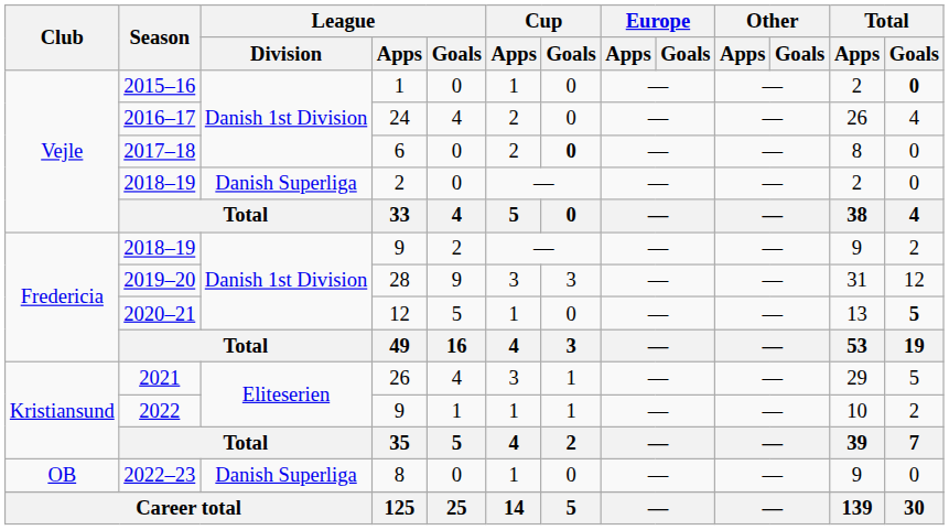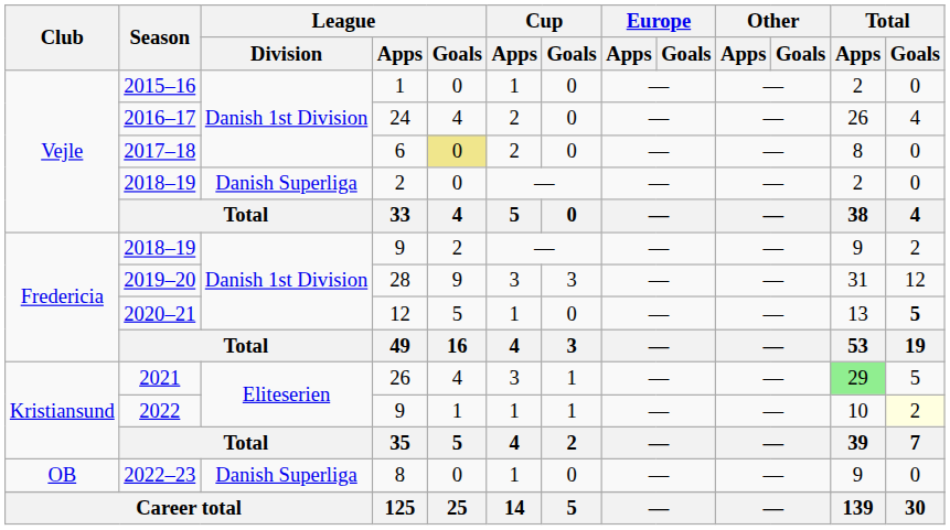 <table class="wikitable" style="text-align:center">
 <tr>
 <th rowspan="2">Club</th>
 <th rowspan="2">Season</th>
 <th colspan="3">League</th>
 <th colspan="2">Cup</th>
 <th colspan="2"><a href='#'>Europe</a></th>
 <th colspan="2">Other</th>
 <th colspan="2">Total</th>
 </tr>
 <tr>
 <th>Division</th>
 <th>Apps</th>
 <th>Goals</th>
 <th>Apps</th>
 <th>Goals</th>
 <th>Apps</th>
 <th>Goals</th>
 <th>Apps</th>
 <th>Goals</th>
 <th>Apps</th>
 <th>Goals</th>
 </tr>
 <tr>
 <td rowspan="5" valign="center"><a href='#'>Vejle</a></td>
 <td><a href='#'>2015–16</a></td>
 <td rowspan="3"><a href='#'>Danish 1st Division</a></td>
 <td>1</td>
 <td>0</td>
 <td>1</td>
 <td>0</td>
 <td colspan="2">—</td>
 <td colspan="2">—</td>
 <td>2</td>
-<td><strong>0</strong></td>
+<td>0</td>
 </tr>
 <tr>
 <td><a href='#'>2016–17</a></td>
 <td>24</td>
 <td>4</td>
 <td>2</td>
 <td>0</td>
 <td colspan="2">—</td>
 <td colspan="2">—</td>
 <td>26</td>
 <td>4</td>
 </tr>
 <tr>
 <td><a href='#'>2017–18</a></td>
 <td>6</td>
+<td style="background: khaki;">0</td>
+<td>2</td>
 <td>0</td>
-<td>2</td>
-<td><strong>0</strong></td>
 <td colspan="2">—</td>
 <td colspan="2">—</td>
 <td>8</td>
 <td>0</td>
 </tr>
 <tr>
 <td><a href='#'>2018–19</a></td>
 <td rowspan="1"><a href='#'>Danish Superliga</a></td>
 <td>2</td>
 <td>0</td>
 <td colspan="2">—</td>
 <td colspan="2">—</td>
 <td colspan="2">—</td>
 <td>2</td>
 <td>0</td>
 </tr>
 <tr>
 <th colspan="2" valign="center">Total</th>
 <th>33</th>
 <th>4</th>
 <th>5</th>
 <th>0</th>
 <th colspan="2">—</th>
 <th colspan="2">—</th>
 <th>38</th>
 <th>4</th>
 </tr>
 <tr>
 <td rowspan="4" valign="center"><a href='#'>Fredericia</a></td>
 <td><a href='#'>2018–19</a></td>
 <td rowspan="3"><a href='#'>Danish 1st Division</a></td>
 <td>9</td>
 <td>2</td>
 <td colspan="2">—</td>
 <td colspan="2">—</td>
 <td colspan="2">—</td>
 <td>9</td>
 <td>2</td>
 </tr>
 <tr>
 <td><a href='#'>2019–20</a></td>
 <td>28</td>
 <td>9</td>
 <td>3</td>
 <td>3</td>
 <td colspan="2">—</td>
 <td colspan="2">—</td>
 <td>31</td>
 <td>12</td>
 </tr>
 <tr>
 <td><a href='#'>2020–21</a></td>
 <td>12</td>
 <td>5</td>
 <td>1</td>
 <td>0</td>
 <td colspan="2">—</td>
 <td colspan="2">—</td>
 <td>13</td>
 <td><strong>5</strong></td>
 </tr>
 <tr>
 <th colspan="2" valign="center">Total</th>
 <th>49</th>
 <th>16</th>
 <th>4</th>
 <th>3</th>
 <th colspan="2">—</th>
 <th colspan="2">—</th>
 <th>53</th>
 <th>19</th>
 </tr>
 <tr>
 <td rowspan="3" valign="center"><a href='#'>Kristiansund</a></td>
 <td><a href='#'>2021</a></td>
 <td rowspan="2"><a href='#'>Eliteserien</a></td>
 <td>26</td>
 <td>4</td>
 <td>3</td>
 <td>1</td>
 <td colspan="2">—</td>
 <td colspan="2">—</td>
-<td>29</td>
+<td style="background: lightgreen;">29</td>
 <td>5</td>
 </tr>
 <tr>
 <td><a href='#'>2022</a></td>
 <td>9</td>
 <td>1</td>
 <td>1</td>
 <td>1</td>
 <td colspan="2">—</td>
 <td colspan="2">—</td>
 <td>10</td>
-<td>2</td>
+<td style="background: lightyellow;">2</td>
 </tr>
 <tr>
 <th colspan="2" valign="center">Total</th>
 <th>35</th>
 <th>5</th>
 <th>4</th>
 <th>2</th>
 <th colspan="2">—</th>
 <th colspan="2">—</th>
 <th>39</th>
 <th>7</th>
 </tr>
 <tr>
 <td rowspan="1" valign="center"><a href='#'>OB</a></td>
 <td><a href='#'>2022–23</a></td>
 <td rowspan="1"><a href='#'>Danish Superliga</a></td>
 <td>8</td>
 <td>0</td>
 <td>1</td>
 <td>0</td>
 <td colspan="2">—</td>
 <td colspan="2">—</td>
 <td>9</td>
 <td>0</td>
 </tr>
 <tr>
 </tr>
 <tr>
 <th colspan="3">Career total</th>
 <th>125</th>
 <th>25</th>
 <th>14</th>
 <th>5</th>
 <th colspan="2">—</th>
 <th colspan="2">—</th>
 <th>139</th>
 <th>30</th>
 </tr>
 </table>
